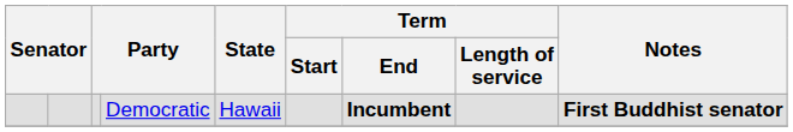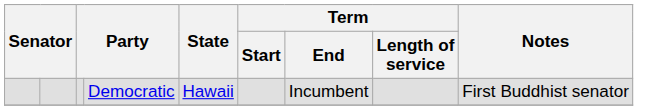 <table class="wikitable sortable" style="text-align:center">
 <tr>
 <th rowspan=2 colspan=2>Senator</th>
 <th rowspan=2 colspan=2>Party</th>
 <th rowspan=2>State</th>
 <th colspan=3>Term</th>
 <th rowspan=2>Notes</th>
 </tr>
 <tr>
 <th>Start</th>
 <th>End</th>
 <th>Length of<br>service</th>
 </tr>
 <tr style="background:#e0e0e0">
 <td data-sort-value="Hirono, Mazie"></td>
 <td><strong></strong></td>
 <td style="background-color:"></td>
 <td><a href='#'>Democratic</a></td>
 <td><a href='#'>Hawaii</a></td>
 <td></td>
-<td><strong>Incumbent</strong></td>
+<td>Incumbent</td>
 <td></td>
-<td><strong>First Buddhist senator</strong></td>
+<td>First Buddhist senator</td>
 </tr>
 <tr>
 </tr>
 </table>
